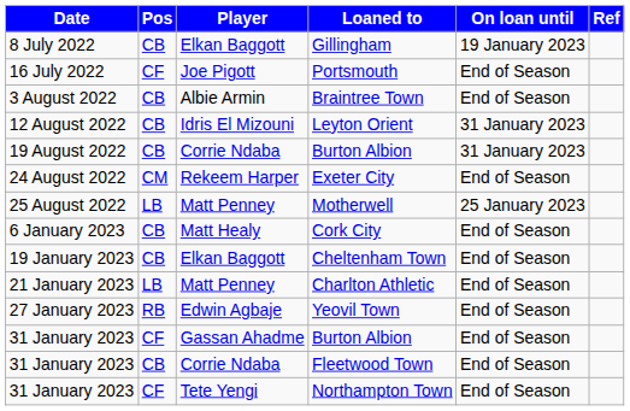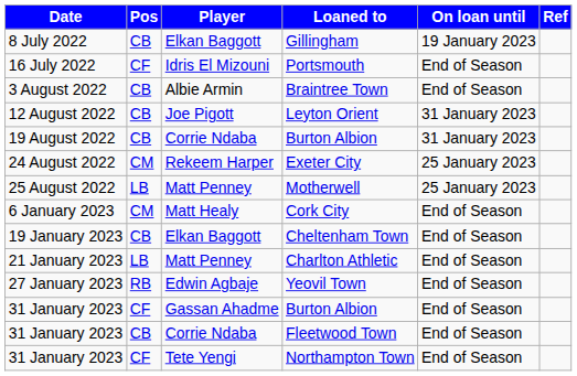 <table class="wikitable plainrowheaders sortable">
 <tr>
 <th style="background:#0000FF; color:#FFFFFF; ">Date</th>
 <th style="background:#0000FF; color:#FFFFFF; ">Pos</th>
 <th style="background:#0000FF; color:#FFFFFF; ">Player</th>
 <th style="background:#0000FF; color:#FFFFFF; ">Loaned to</th>
 <th style="background:#0000FF; color:#FFFFFF; ">On loan until</th>
 <th style="background:#0000FF; color:#FFFFFF; ">Ref</th>
 </tr>
 <tr>
 <td>8 July 2022</td>
 <td><a href='#'>CB</a></td>
 <td> <a href='#'>Elkan Baggott</a></td>
 <td> <a href='#'>Gillingham</a></td>
 <td>19 January 2023</td>
 <td></td>
 </tr>
 <tr>
 <td>16 July 2022</td>
 <td><a href='#'>CF</a></td>
-<td> <a href='#'>Joe Pigott</a></td>
+<td> <a href='#'>Idris El Mizouni</a></td>
 <td> <a href='#'>Portsmouth</a></td>
 <td>End of Season</td>
 <td></td>
 </tr>
 <tr>
 <td>3 August 2022</td>
 <td><a href='#'>CB</a></td>
 <td> Albie Armin</td>
 <td> <a href='#'>Braintree Town</a></td>
 <td>End of Season</td>
 <td></td>
 </tr>
 <tr>
 <td>12 August 2022</td>
 <td><a href='#'>CB</a></td>
-<td> <a href='#'>Idris El Mizouni</a></td>
+<td> <a href='#'>Joe Pigott</a></td>
 <td> <a href='#'>Leyton Orient</a></td>
 <td>31 January 2023</td>
 <td></td>
 </tr>
 <tr>
 <td>19 August 2022</td>
 <td><a href='#'>CB</a></td>
 <td> <a href='#'>Corrie Ndaba</a></td>
 <td> <a href='#'>Burton Albion</a></td>
 <td>31 January 2023</td>
 <td></td>
 </tr>
 <tr>
 <td>24 August 2022</td>
 <td><a href='#'>CM</a></td>
 <td> <a href='#'>Rekeem Harper</a></td>
 <td> <a href='#'>Exeter City</a></td>
-<td>End of Season</td>
+<td>25 January 2023</td>
 <td></td>
 </tr>
 <tr>
 <td>25 August 2022</td>
 <td><a href='#'>LB</a></td>
 <td> <a href='#'>Matt Penney</a></td>
 <td> <a href='#'>Motherwell</a></td>
 <td>25 January 2023</td>
 <td></td>
 </tr>
 <tr>
 <td>6 January 2023</td>
-<td><a href='#'>CB</a></td>
+<td><a href='#'>CM</a></td>
 <td> <a href='#'>Matt Healy</a></td>
 <td> <a href='#'>Cork City</a></td>
 <td>End of Season</td>
 <td></td>
 </tr>
 <tr>
 <td>19 January 2023</td>
 <td><a href='#'>CB</a></td>
 <td> <a href='#'>Elkan Baggott</a></td>
 <td> <a href='#'>Cheltenham Town</a></td>
 <td>End of Season</td>
 <td></td>
 </tr>
 <tr>
 <td>21 January 2023</td>
 <td><a href='#'>LB</a></td>
 <td> <a href='#'>Matt Penney</a></td>
 <td> <a href='#'>Charlton Athletic</a></td>
 <td>End of Season</td>
 <td></td>
 </tr>
 <tr>
 <td>27 January 2023</td>
 <td><a href='#'>RB</a></td>
 <td> <a href='#'>Edwin Agbaje</a></td>
 <td> <a href='#'>Yeovil Town</a></td>
 <td>End of Season</td>
 <td></td>
 </tr>
 <tr>
 <td>31 January 2023</td>
 <td><a href='#'>CF</a></td>
 <td> <a href='#'>Gassan Ahadme</a></td>
 <td> <a href='#'>Burton Albion</a></td>
 <td>End of Season</td>
 <td></td>
 </tr>
 <tr>
 <td>31 January 2023</td>
 <td><a href='#'>CB</a></td>
 <td> <a href='#'>Corrie Ndaba</a></td>
 <td> <a href='#'>Fleetwood Town</a></td>
 <td>End of Season</td>
 <td></td>
 </tr>
 <tr>
 <td>31 January 2023</td>
 <td><a href='#'>CF</a></td>
 <td> <a href='#'>Tete Yengi</a></td>
 <td> <a href='#'>Northampton Town</a></td>
 <td>End of Season</td>
 <td></td>
 </tr>
 </table>
